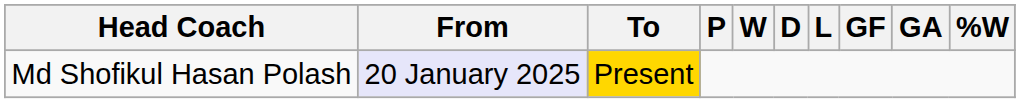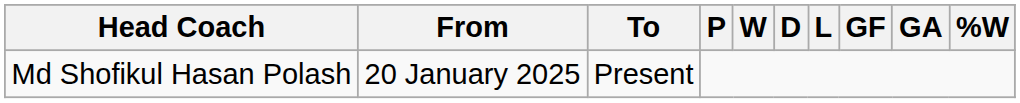 <table class="wikitable sortable" style="text-align:center">
 <tr>
 <th>Head Coach</th>
 <th Class="unsortable">From</th>
 <th Class="unsortable">To</th>
 <th abbr="3">P</th>
 <th abbr="1">W</th>
 <th abbr="1">D</th>
 <th abbr="1">L</th>
 <th abbr="4">GF</th>
 <th abbr="6">GA</th>
 <th abbr="50">%W</th>
 </tr>
 <tr>
 <td align=left> Md Shofikul Hasan Polash</td>
-<td align=left style="background: lavender;">20 January 2025</td>
-<td align=left style="background: gold;">Present<br></td>
+<td align=left>20 January 2025</td>
+<td align=left>Present<br></td>
 </tr>
 </table>
